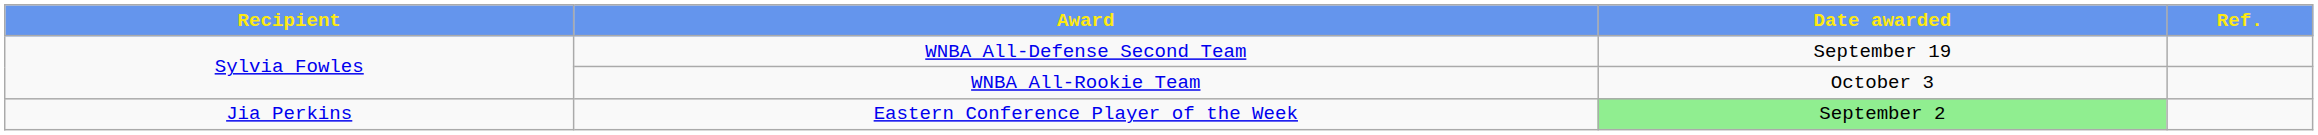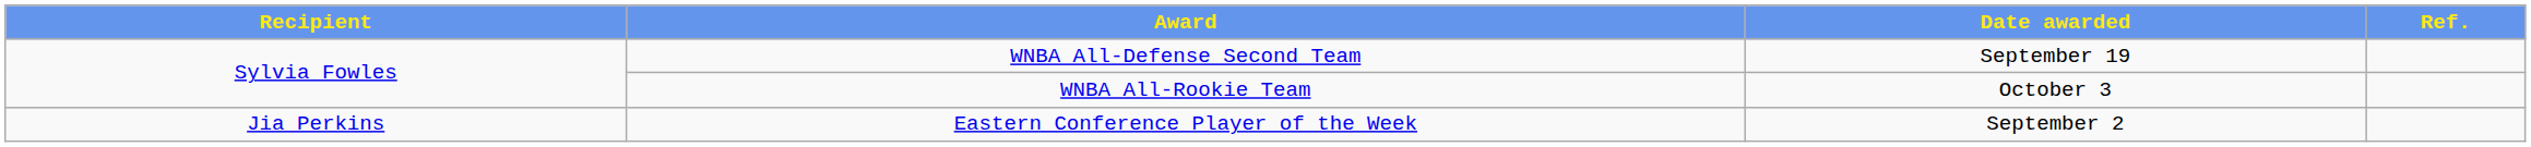 <table class="wikitable sortable sortable" style="text-align: center">
 <tr>
 <th style="background:#6495ED; color:#FDE910;"; width="5%">Recipient</th>
 <th style="background:#6495ED; color:#FDE910;"; width="9%">Award</th>
 <th style="background:#6495ED; color:#FDE910;"; width="5%">Date awarded</th>
 <th style="background:#6495ED; color:#FDE910;"; width="1%" class="unsortable">Ref.</th>
 </tr>
 <tr>
 <td rowspan=2><a href='#'>Sylvia Fowles</a></td>
 <td><a href='#'>WNBA All-Defense Second Team</a></td>
 <td>September 19</td>
 <td></td>
 </tr>
 <tr>
 <td><a href='#'>WNBA All-Rookie Team</a></td>
 <td>October 3</td>
 <td></td>
 </tr>
 <tr>
 <td><a href='#'>Jia Perkins</a></td>
 <td><a href='#'>Eastern Conference Player of the Week</a></td>
-<td style="background: lightgreen;">September 2</td>
+<td>September 2</td>
 <td></td>
 </tr>
 </table>
